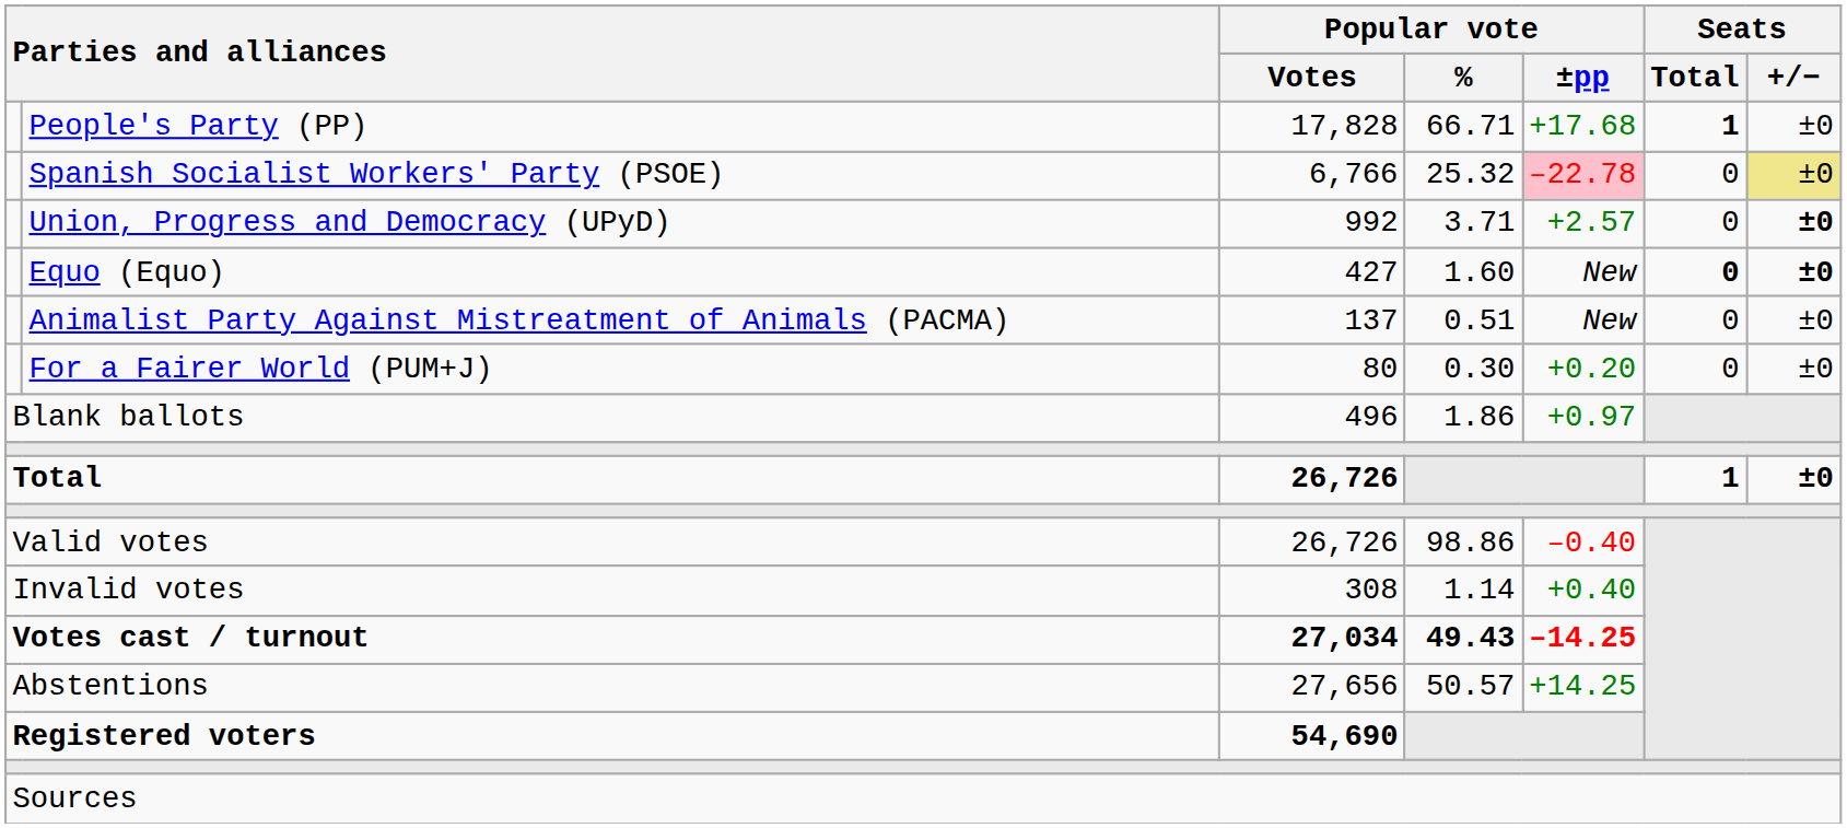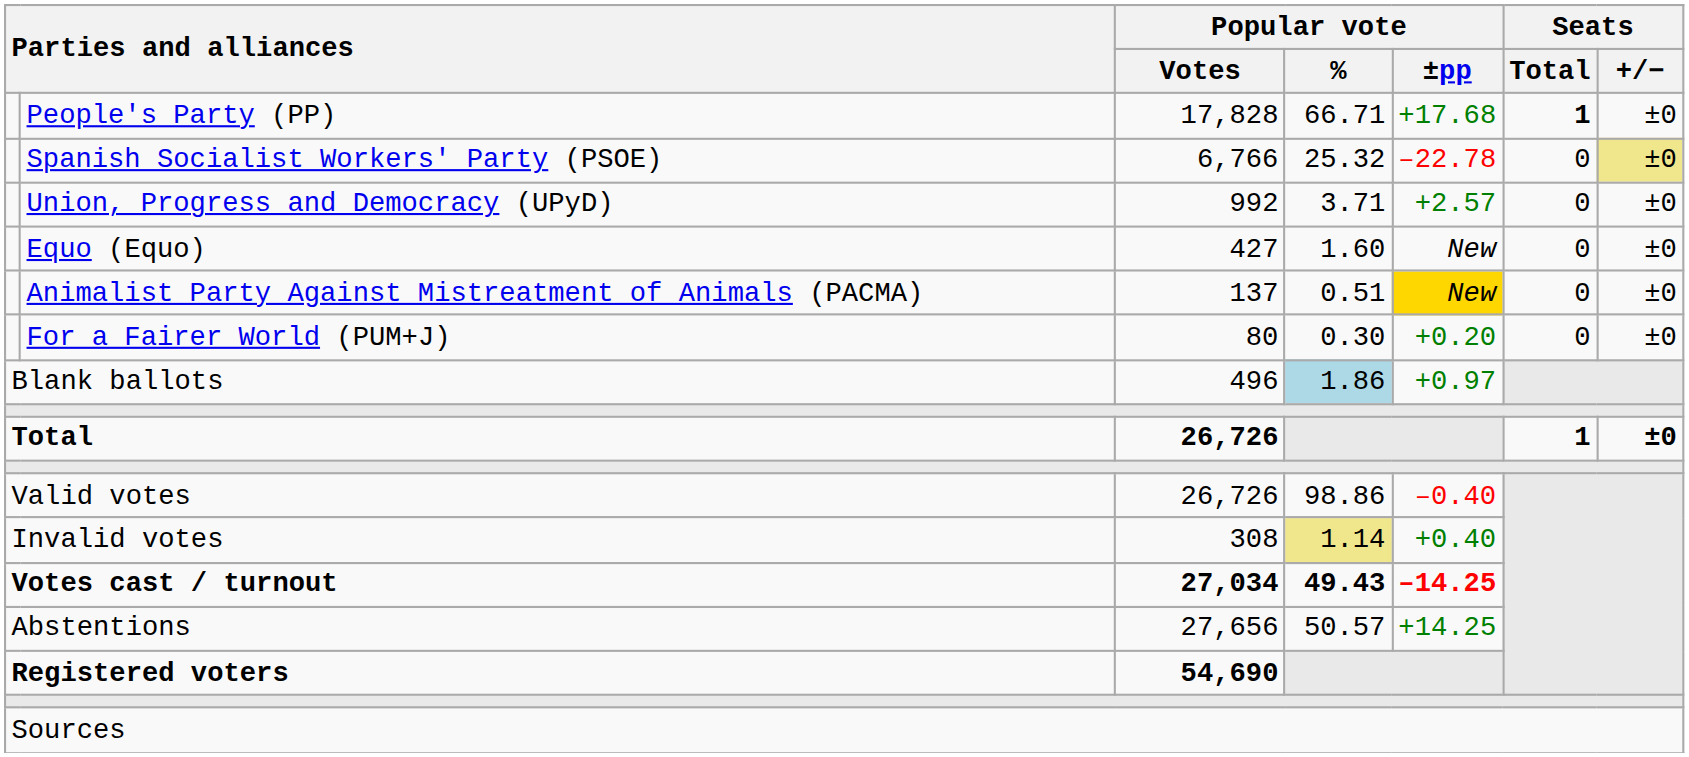 <table class="wikitable" style="text-align:right;">
 <tr>
 <th style="text-align:left;" rowspan="2" colspan="2" width="525">Parties and alliances</th>
 <th colspan="3">Popular vote</th>
 <th colspan="2">Seats</th>
 </tr>
 <tr>
 <th width="75">Votes</th>
 <th width="45">%</th>
 <th width="45">±<a href='#'>pp</a></th>
 <th width="35">Total</th>
 <th width="35">+/−</th>
 </tr>
 <tr>
 <td width="1" style="color:inherit;background:"></td>
 <td align="left"><a href='#'>People's Party</a> (PP)</td>
 <td>17,828</td>
 <td>66.71</td>
 <td style="color:green;">+17.68</td>
 <td><strong>1</strong></td>
 <td>±0</td>
 </tr>
 <tr>
 <td style="color:inherit;background:"></td>
 <td align="left"><a href='#'>Spanish Socialist Workers' Party</a> (PSOE)</td>
 <td>6,766</td>
 <td>25.32</td>
-<td style="background: pink; color:red;">–22.78</td>
+<td style="color:red;">–22.78</td>
 <td>0</td>
 <td style="background: khaki;">±0</td>
 </tr>
 <tr>
 <td style="color:inherit;background:"></td>
 <td align="left"><a href='#'>Union, Progress and Democracy</a> (UPyD)</td>
 <td>992</td>
 <td>3.71</td>
 <td style="color:green;">+2.57</td>
 <td>0</td>
-<td><strong>±0</strong></td>
+<td>±0</td>
 </tr>
 <tr>
 <td style="color:inherit;background:"></td>
 <td align="left"><a href='#'>Equo</a> (Equo)</td>
 <td>427</td>
 <td>1.60</td>
 <td><em>New</em></td>
-<td><strong>0</strong></td>
-<td><strong>±0</strong></td>
+<td>0</td>
+<td>±0</td>
 </tr>
 <tr>
 <td style="color:inherit;background:"></td>
 <td align="left"><a href='#'>Animalist Party Against Mistreatment of Animals</a> (PACMA)</td>
 <td>137</td>
 <td>0.51</td>
-<td><em>New</em></td>
+<td style="background: gold;"><em>New</em></td>
 <td>0</td>
 <td>±0</td>
 </tr>
 <tr>
 <td style="color:inherit;background:"></td>
 <td align="left"><a href='#'>For a Fairer World</a> (PUM+J)</td>
 <td>80</td>
 <td>0.30</td>
 <td style="color:green;">+0.20</td>
 <td>0</td>
 <td>±0</td>
 </tr>
 <tr>
 <td align="left" colspan="2">Blank ballots</td>
 <td>496</td>
-<td>1.86</td>
+<td style="background: lightblue;">1.86</td>
 <td style="color:green;">+0.97</td>
 <td bgcolor="#E9E9E9" colspan="2"></td>
 </tr>
 <tr>
 <td colspan="7" bgcolor="#E9E9E9"></td>
 </tr>
 <tr style="font-weight:bold;">
 <td align="left" colspan="2">Total</td>
 <td>26,726</td>
 <td bgcolor="#E9E9E9" colspan="2"></td>
 <td>1</td>
 <td>±0</td>
 </tr>
 <tr>
 <td colspan="7" bgcolor="#E9E9E9"></td>
 </tr>
 <tr>
 <td align="left" colspan="2">Valid votes</td>
 <td>26,726</td>
 <td>98.86</td>
 <td style="color:red;">–0.40</td>
 <td bgcolor="#E9E9E9" colspan="2" rowspan="5"></td>
 </tr>
 <tr>
 <td align="left" colspan="2">Invalid votes</td>
 <td>308</td>
-<td>1.14</td>
+<td style="background: khaki;">1.14</td>
 <td style="color:green;">+0.40</td>
 </tr>
 <tr style="font-weight:bold;">
 <td align="left" colspan="2">Votes cast / turnout</td>
 <td>27,034</td>
 <td>49.43</td>
 <td style="color:red;">–14.25</td>
 </tr>
 <tr>
 <td align="left" colspan="2">Abstentions</td>
 <td>27,656</td>
 <td>50.57</td>
 <td style="color:green;">+14.25</td>
 </tr>
 <tr style="font-weight:bold;">
 <td align="left" colspan="2">Registered voters</td>
 <td>54,690</td>
 <td bgcolor="#E9E9E9" colspan="2"></td>
 </tr>
 <tr>
 <td colspan="7" bgcolor="#E9E9E9"></td>
 </tr>
 <tr>
 <td align="left" colspan="7">Sources</td>
 </tr>
 </table>
